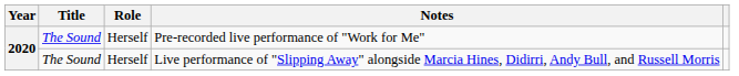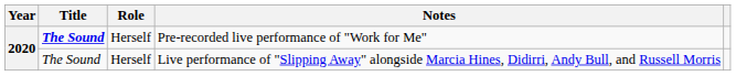 <table class="wikitable plainrowheaders">
 <tr>
 <th scope="col">Year</th>
 <th scope="col">Title</th>
 <th scope="col">Role</th>
 <th scope="col">Notes</th>
 <th scope="col"></th>
 </tr>
 <tr>
 <th scope="row" rowspan="2">2020</th>
-<td><em><a href='#'>The Sound</a></em></td>
+<td><strong><em><a href='#'>The Sound</a></em></strong></td>
 <td>Herself</td>
 <td>Pre-recorded live performance of "Work for Me"</td>
 <td></td>
 </tr>
 <tr>
 <td><em>The Sound</em></td>
 <td>Herself</td>
 <td>Live performance of "<a href='#'>Slipping Away</a>" alongside <a href='#'>Marcia Hines</a>, <a href='#'>Didirri</a>, <a href='#'>Andy Bull</a>, and <a href='#'>Russell Morris</a></td>
 <td></td>
 </tr>
 </table>
